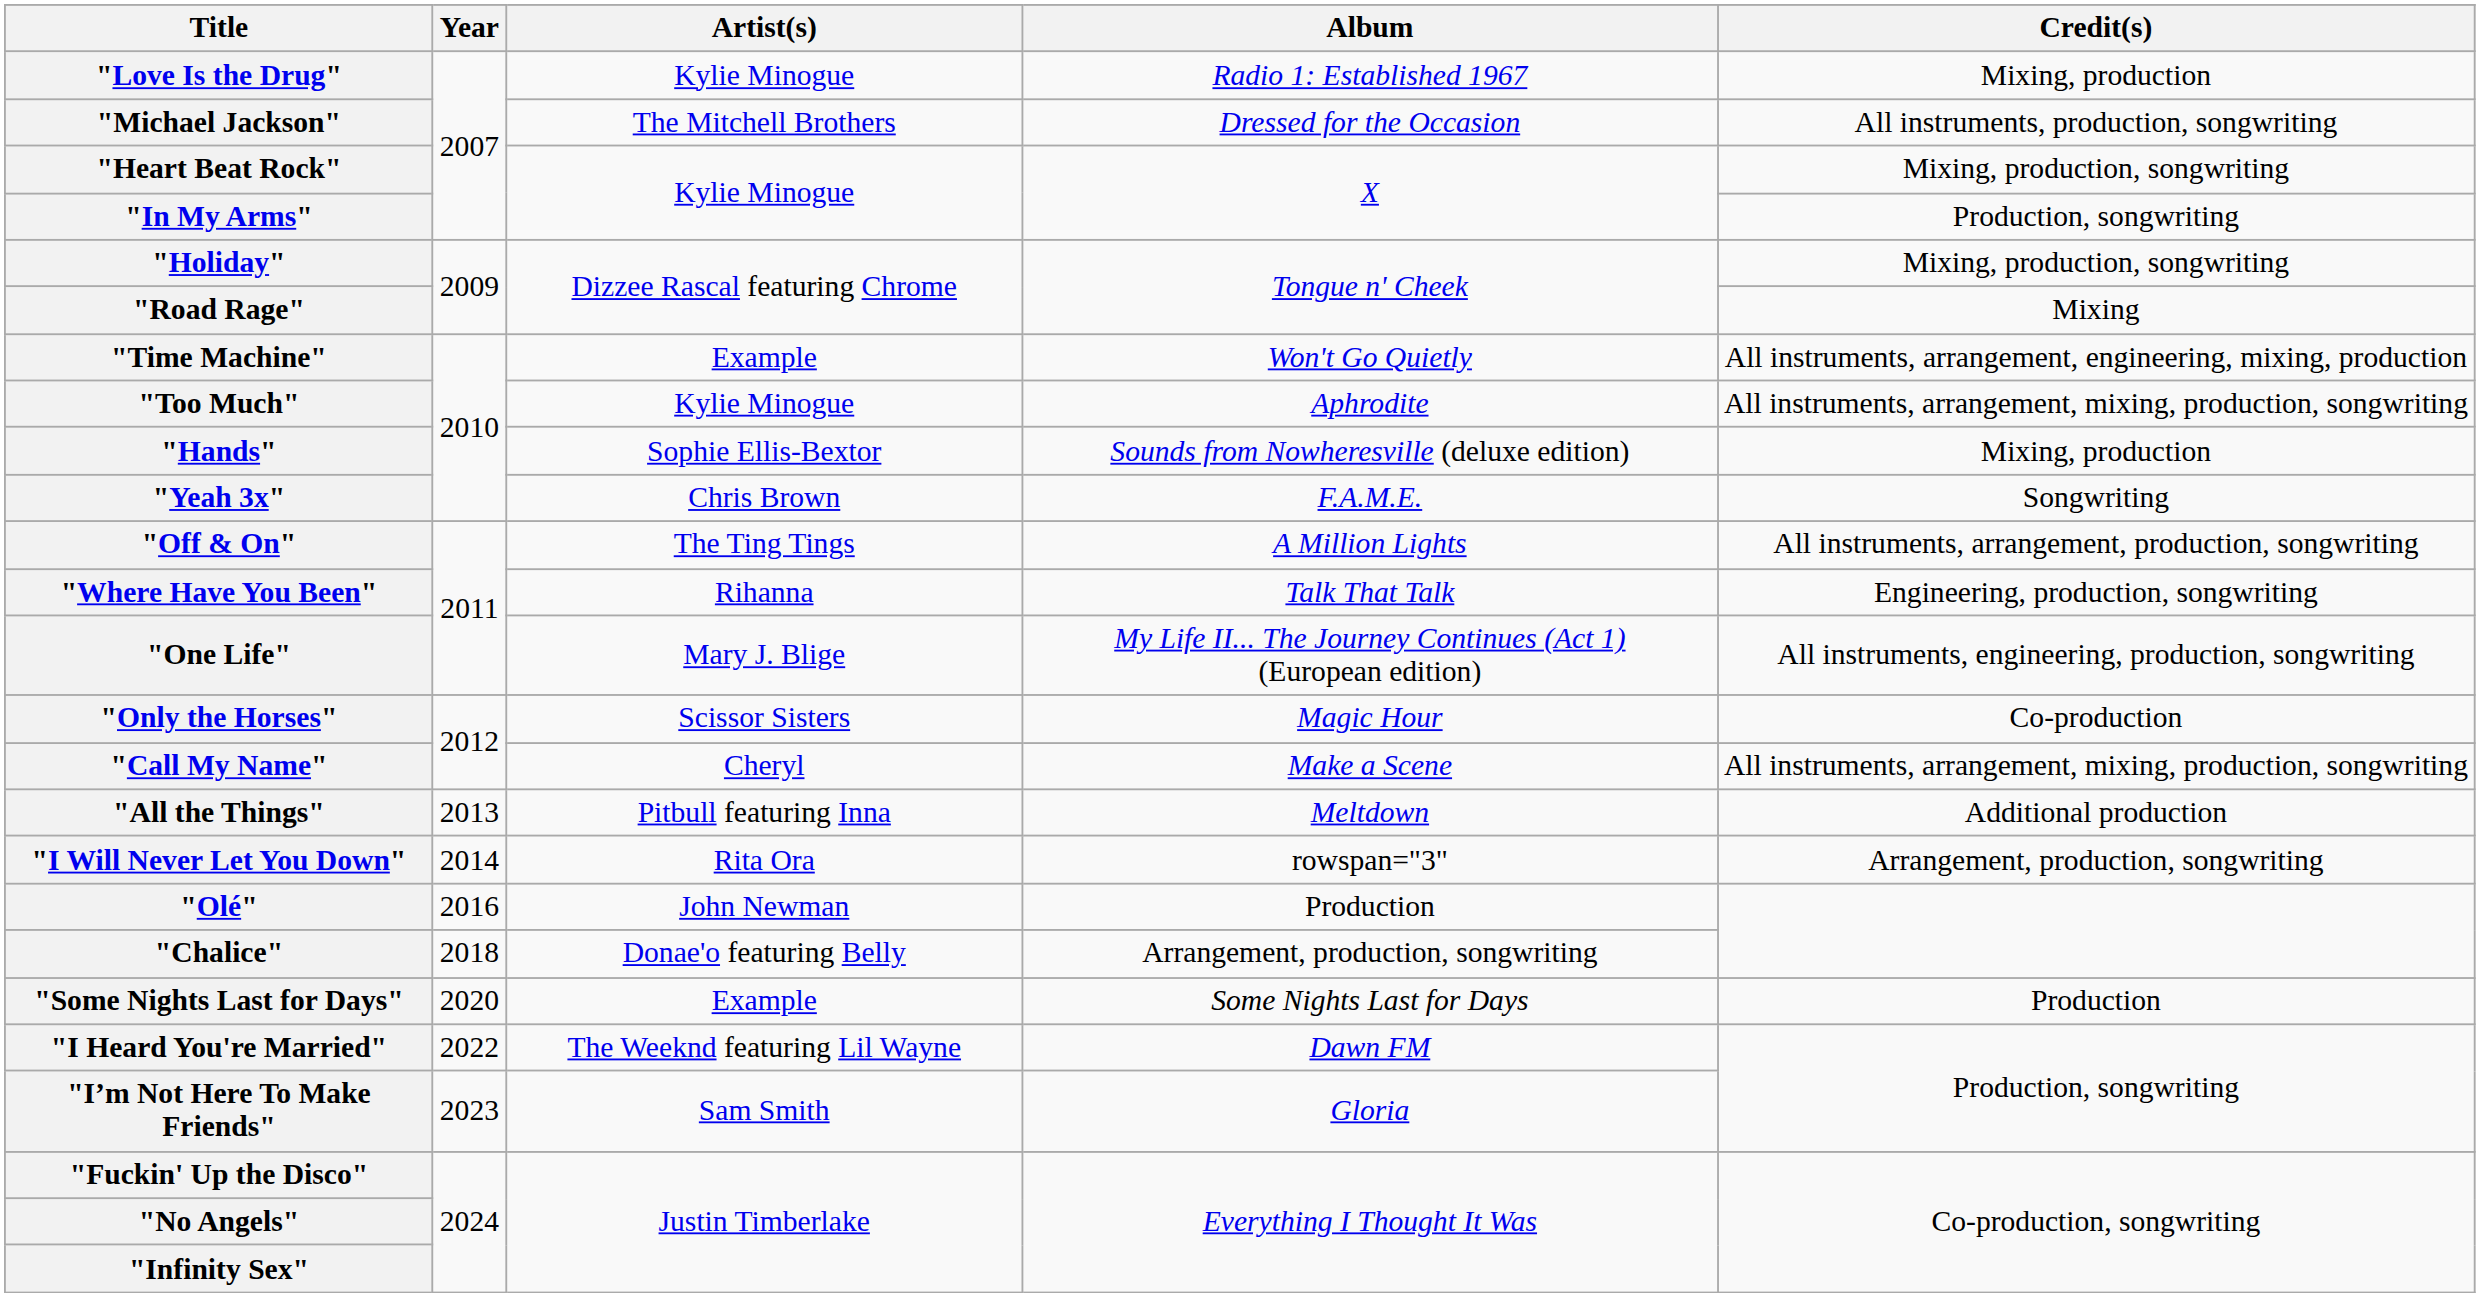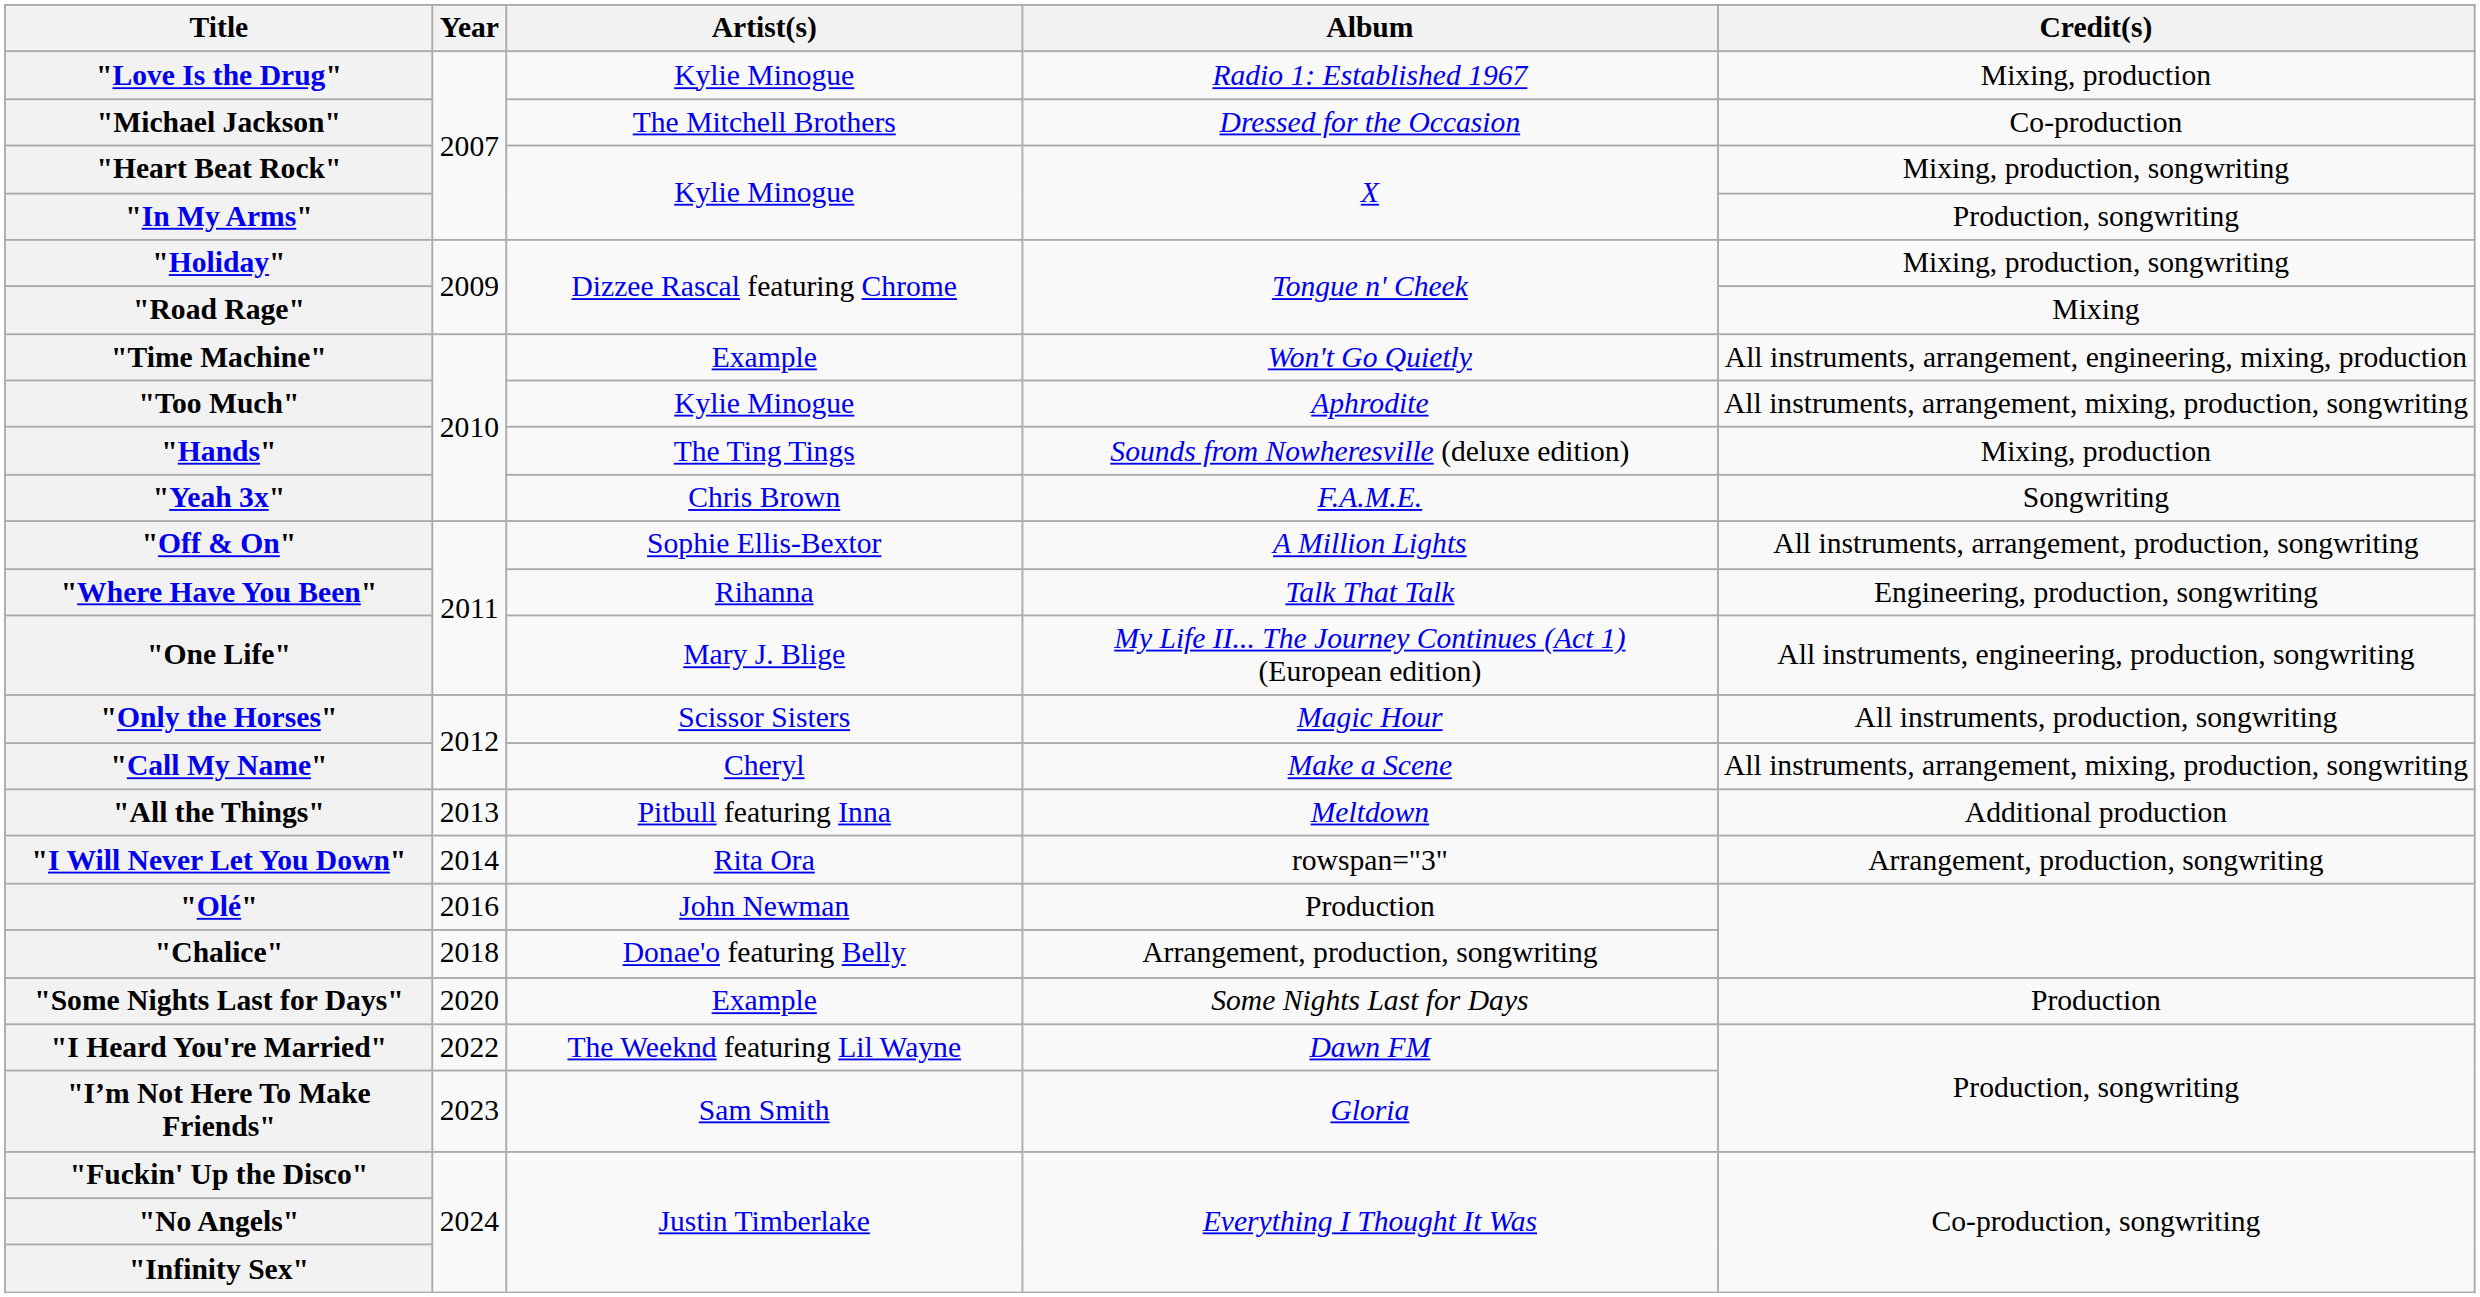 <table class="wikitable plainrowheaders" style="text-align:center;">
 <tr>
 <th scope="col" style="width:14em;">Title</th>
 <th scope="col" style="width:1em;">Year</th>
 <th scope="col" style="width:17em;">Artist(s)</th>
 <th scope="col" style="width:23em;">Album</th>
 <th scope="col">Credit(s)</th>
 </tr>
 <tr>
 <th scope="row">"<a href='#'>Love Is the Drug</a>"</th>
 <td rowspan="4">2007</td>
 <td><a href='#'>Kylie Minogue</a></td>
 <td><em><a href='#'>Radio 1: Established 1967</a></em></td>
 <td>Mixing, production</td>
 </tr>
 <tr>
 <th scope="row">"Michael Jackson"</th>
 <td><a href='#'>The Mitchell Brothers</a></td>
 <td><em><a href='#'>Dressed for the Occasion</a></em></td>
-<td>All instruments, production, songwriting</td>
+<td>Co-production</td>
 </tr>
 <tr>
 <th scope="row">"Heart Beat Rock"</th>
 <td rowspan="2"><a href='#'>Kylie Minogue</a></td>
 <td rowspan="2"><em><a href='#'>X</a></em></td>
 <td>Mixing, production, songwriting</td>
 </tr>
 <tr>
 <th scope="row">"<a href='#'>In My Arms</a>"</th>
 <td>Production, songwriting</td>
 </tr>
 <tr>
 <th scope="row">"<a href='#'>Holiday</a>"</th>
 <td rowspan="2">2009</td>
 <td rowspan="2"><a href='#'>Dizzee Rascal</a> featuring <a href='#'>Chrome</a></td>
 <td rowspan="2"><em><a href='#'>Tongue n' Cheek</a></em></td>
 <td>Mixing, production, songwriting</td>
 </tr>
 <tr>
 <th scope="row">"Road Rage"</th>
 <td>Mixing</td>
 </tr>
 <tr>
 <th scope="row">"Time Machine"</th>
 <td rowspan="4">2010</td>
 <td><a href='#'>Example</a></td>
 <td><em><a href='#'>Won't Go Quietly</a></em></td>
 <td>All instruments, arrangement, engineering, mixing, production</td>
 </tr>
 <tr>
 <th scope="row">"Too Much"</th>
 <td><a href='#'>Kylie Minogue</a></td>
 <td><em><a href='#'>Aphrodite</a></em></td>
 <td>All instruments, arrangement, mixing, production, songwriting</td>
 </tr>
 <tr>
 <th scope="row">"<a href='#'>Hands</a>"</th>
-<td><a href='#'>Sophie Ellis-Bextor</a></td>
+<td><a href='#'>The Ting Tings</a></td>
 <td><em><a href='#'>Sounds from Nowheresville</a></em> (deluxe edition)</td>
 <td>Mixing, production</td>
 </tr>
 <tr>
 <th scope="row">"<a href='#'>Yeah 3x</a>"</th>
 <td><a href='#'>Chris Brown</a></td>
 <td><em><a href='#'>F.A.M.E.</a></em></td>
 <td>Songwriting</td>
 </tr>
 <tr>
 <th scope="row">"<a href='#'>Off & On</a>"</th>
 <td rowspan="3">2011</td>
-<td><a href='#'>The Ting Tings</a></td>
+<td><a href='#'>Sophie Ellis-Bextor</a></td>
 <td><em><a href='#'>A Million Lights</a></em></td>
 <td>All instruments, arrangement, production, songwriting</td>
 </tr>
 <tr>
 <th scope="row">"<a href='#'>Where Have You Been</a>"</th>
 <td><a href='#'>Rihanna</a></td>
 <td><em><a href='#'>Talk That Talk</a></em></td>
 <td>Engineering, production, songwriting</td>
 </tr>
 <tr>
 <th scope="row">"One Life"</th>
 <td><a href='#'>Mary J. Blige</a></td>
 <td><em><a href='#'>My Life II... The Journey Continues (Act 1)</a></em><br>(European edition)</td>
 <td>All instruments, engineering, production, songwriting</td>
 </tr>
 <tr>
 <th scope="row">"<a href='#'>Only the Horses</a>"</th>
 <td rowspan="2">2012</td>
 <td><a href='#'>Scissor Sisters</a></td>
 <td><em><a href='#'>Magic Hour</a></em></td>
-<td>Co-production</td>
+<td>All instruments, production, songwriting</td>
 </tr>
 <tr>
 <th scope="row">"<a href='#'>Call My Name</a>"</th>
 <td><a href='#'>Cheryl</a></td>
 <td><em><a href='#'>Make a Scene</a></em></td>
 <td>All instruments, arrangement, mixing, production, songwriting</td>
 </tr>
 <tr>
 <th scope="row">"All the Things"</th>
 <td>2013</td>
 <td><a href='#'>Pitbull</a> featuring <a href='#'>Inna</a></td>
 <td><em><a href='#'>Meltdown</a></em></td>
 <td>Additional production</td>
 </tr>
 <tr>
 <th scope="row">"<a href='#'>I Will Never Let You Down</a>"</th>
 <td>2014</td>
 <td><a href='#'>Rita Ora</a></td>
 <td>rowspan="3" </td>
 <td>Arrangement, production, songwriting</td>
 </tr>
 <tr>
 <th scope="row">"<a href='#'>Olé</a>"</th>
 <td>2016</td>
 <td><a href='#'>John Newman</a></td>
 <td>Production</td>
 </tr>
 <tr>
 <th scope="row">"Chalice"</th>
 <td>2018</td>
 <td><a href='#'>Donae'o</a> featuring <a href='#'>Belly</a></td>
 <td>Arrangement, production, songwriting</td>
 </tr>
 <tr>
 <th scope="row">"Some Nights Last for Days"</th>
 <td>2020</td>
 <td><a href='#'>Example</a></td>
 <td><em>Some Nights Last for Days</em></td>
 <td>Production</td>
 </tr>
 <tr>
 <th scope="row">"I Heard You're Married"</th>
 <td>2022</td>
 <td><a href='#'>The Weeknd</a> featuring <a href='#'>Lil Wayne</a></td>
 <td><em><a href='#'>Dawn FM</a></em></td>
 <td rowspan="2">Production, songwriting</td>
 </tr>
 <tr>
 <th scope="row">"I’m Not Here To Make Friends"</th>
 <td>2023</td>
 <td><a href='#'>Sam Smith</a></td>
 <td><em><a href='#'>Gloria</a></em></td>
 </tr>
 <tr>
 <th scope="row">"Fuckin' Up the Disco"</th>
 <td rowspan="3">2024</td>
 <td rowspan="3"><a href='#'>Justin Timberlake</a></td>
 <td rowspan="3"><em><a href='#'>Everything I Thought It Was</a></em></td>
 <td rowspan="3">Co-production, songwriting</td>
 </tr>
 <tr>
 <th scope="row">"No Angels"</th>
 </tr>
 <tr>
 <th scope="row">"Infinity Sex"</th>
 </tr>
 </table>
